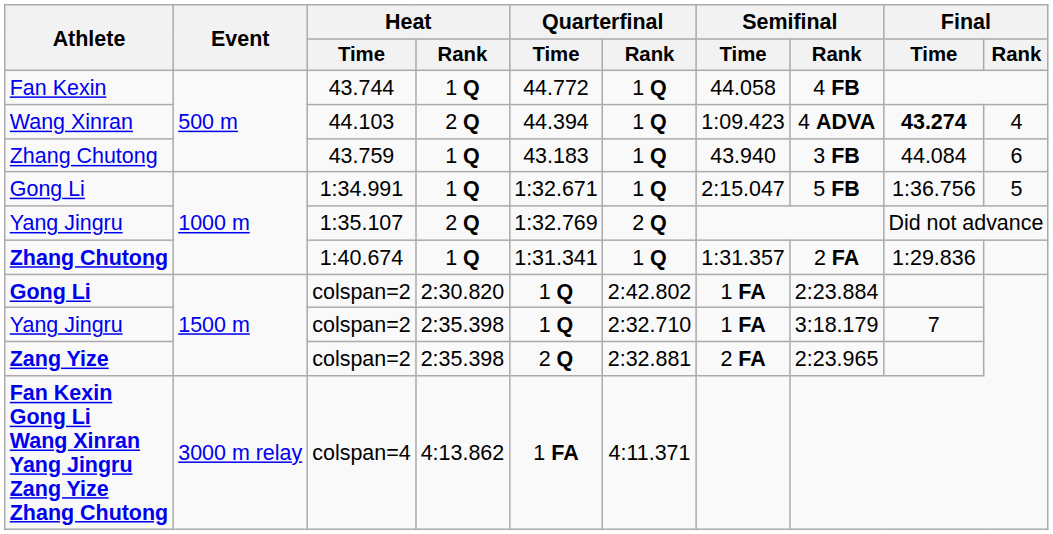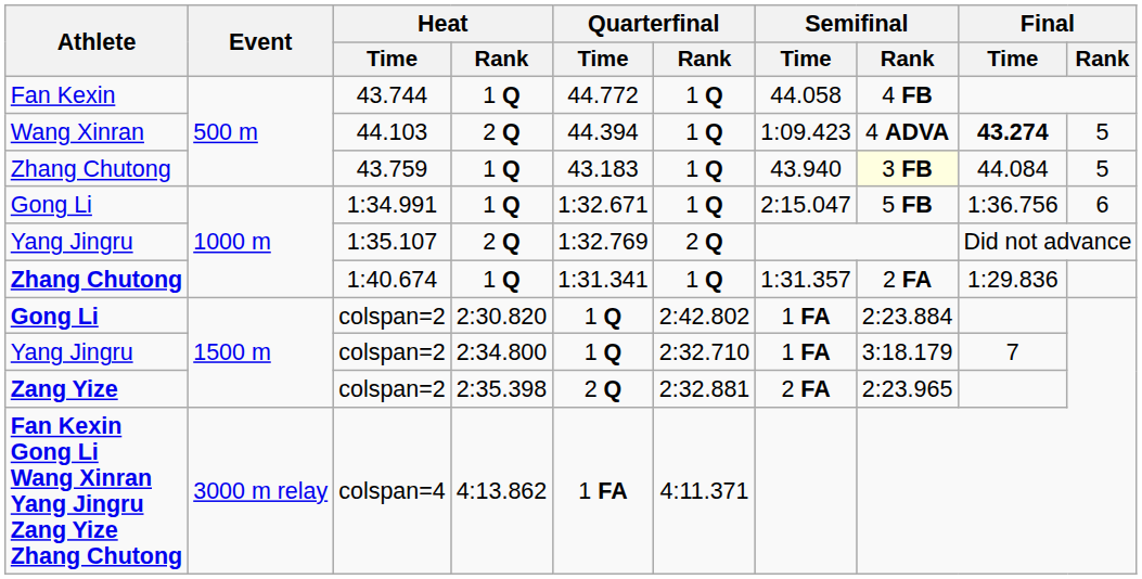 <table class="wikitable" style="font-size:90%">
 <tr>
 <th rowspan=2>Athlete</th>
 <th rowspan=2>Event</th>
 <th colspan=2>Heat</th>
 <th colspan=2>Quarterfinal</th>
 <th colspan=2>Semifinal</th>
 <th colspan=2>Final</th>
 </tr>
 <tr style="font-size:95%">
 <th>Time</th>
 <th>Rank</th>
 <th>Time</th>
 <th>Rank</th>
 <th>Time</th>
 <th>Rank</th>
 <th>Time</th>
 <th>Rank</th>
 </tr>
 <tr align=center>
 <td align=left><a href='#'>Fan Kexin</a></td>
 <td align=left rowspan=3><a href='#'>500 m</a></td>
 <td>43.744</td>
 <td>1 <strong>Q</strong></td>
 <td>44.772</td>
 <td>1 <strong>Q</strong></td>
 <td>44.058</td>
 <td>4 <strong>FB</strong></td>
 <td colspan=2></td>
 </tr>
 <tr align=center>
 <td align=left><a href='#'>Wang Xinran</a></td>
 <td>44.103</td>
 <td>2 <strong>Q</strong></td>
 <td>44.394</td>
 <td>1 <strong>Q</strong></td>
 <td>1:09.423</td>
 <td>4 <strong>ADVA</strong></td>
 <td><strong>43.274</strong></td>
-<td>4</td>
+<td>5</td>
 </tr>
 <tr align=center>
 <td align=left><a href='#'>Zhang Chutong</a></td>
 <td>43.759</td>
 <td>1 <strong>Q</strong></td>
 <td>43.183</td>
 <td>1 <strong>Q</strong></td>
 <td>43.940</td>
-<td>3 <strong>FB</strong></td>
+<td style="background: lightyellow;">3 <strong>FB</strong></td>
 <td>44.084</td>
-<td>6</td>
+<td>5</td>
 </tr>
 <tr align=center>
 <td align=left><a href='#'>Gong Li</a></td>
 <td align=left rowspan=3><a href='#'>1000 m</a></td>
 <td>1:34.991</td>
 <td>1 <strong>Q</strong></td>
 <td>1:32.671</td>
 <td>1 <strong>Q</strong></td>
 <td>2:15.047</td>
 <td>5 <strong>FB</strong></td>
 <td>1:36.756</td>
-<td>5</td>
+<td>6</td>
 </tr>
 <tr align=center>
 <td align=left><a href='#'>Yang Jingru</a></td>
 <td>1:35.107</td>
 <td>2 <strong>Q</strong></td>
 <td>1:32.769</td>
 <td>2 <strong>Q</strong></td>
 <td colspan=2></td>
 <td colspan=2>Did not advance</td>
 </tr>
 <tr align=center>
 <td align=left><strong><a href='#'>Zhang Chutong</a></strong></td>
 <td>1:40.674</td>
 <td>1 <strong>Q</strong></td>
 <td>1:31.341</td>
 <td>1 <strong>Q</strong></td>
 <td>1:31.357</td>
 <td>2 <strong>FA</strong></td>
 <td>1:29.836</td>
 <td></td>
 </tr>
 <tr align=center>
 <td align=left><strong><a href='#'>Gong Li</a></strong></td>
 <td align=left rowspan=3><a href='#'>1500 m</a></td>
 <td>colspan=2 </td>
 <td>2:30.820</td>
 <td>1 <strong>Q</strong></td>
 <td>2:42.802</td>
 <td>1 <strong>FA</strong></td>
 <td>2:23.884</td>
 <td></td>
 </tr>
 <tr align=center>
 <td align=left><a href='#'>Yang Jingru</a></td>
 <td>colspan=2 </td>
-<td>2:35.398</td>
+<td>2:34.800</td>
 <td>1 <strong>Q</strong></td>
 <td>2:32.710</td>
 <td>1 <strong>FA</strong></td>
 <td>3:18.179</td>
 <td>7</td>
 </tr>
 <tr align=center>
 <td align=left><strong><a href='#'>Zang Yize</a></strong></td>
 <td>colspan=2 </td>
 <td>2:35.398</td>
 <td>2 <strong>Q</strong></td>
 <td>2:32.881</td>
 <td>2 <strong>FA</strong></td>
 <td>2:23.965</td>
 <td></td>
 </tr>
 <tr align=center>
 <td align=left><strong><a href='#'>Fan Kexin</a><br><a href='#'>Gong Li</a><br><a href='#'>Wang Xinran</a><br><a href='#'>Yang Jingru</a><br><a href='#'>Zang Yize</a><br><a href='#'>Zhang Chutong</a></strong></td>
 <td align=left><a href='#'>3000 m relay</a></td>
 <td>colspan=4 </td>
 <td>4:13.862</td>
 <td>1 <strong>FA</strong></td>
 <td>4:11.371</td>
 <td></td>
 </tr>
 </table>
